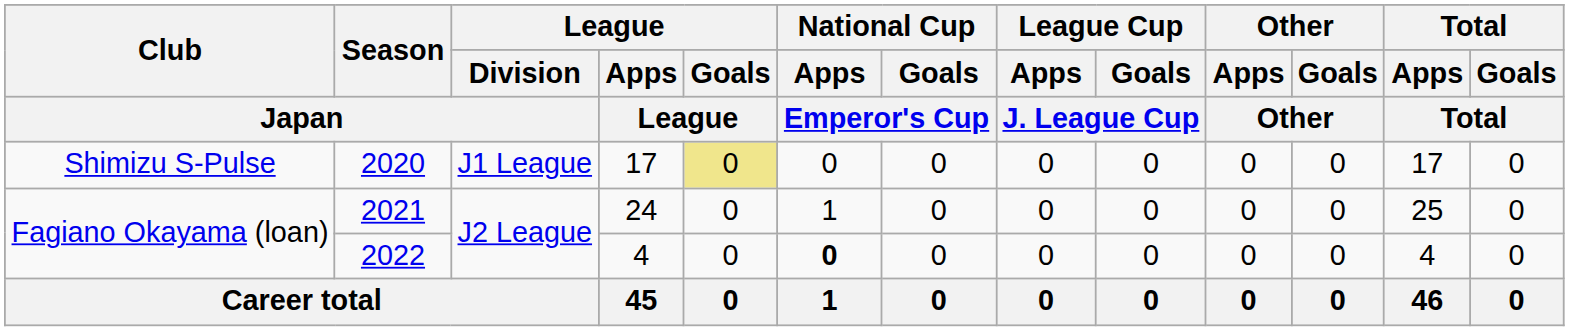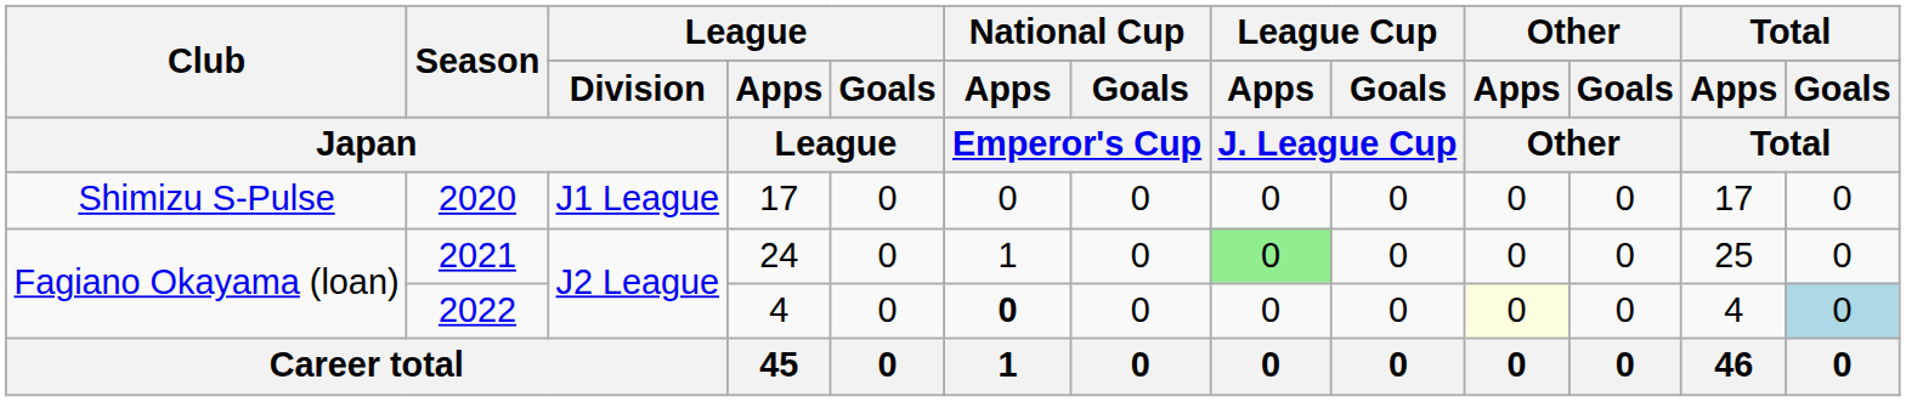 <table class="wikitable" style="text-align: center">
 <tr>
 <th rowspan="2">Club</th>
 <th rowspan="2">Season</th>
 <th colspan="3">League</th>
 <th colspan="2">National Cup</th>
 <th colspan="2">League Cup</th>
 <th colspan="2">Other</th>
 <th colspan="2">Total</th>
 </tr>
 <tr>
 <th>Division</th>
 <th>Apps</th>
 <th>Goals</th>
 <th>Apps</th>
 <th>Goals</th>
 <th>Apps</th>
 <th>Goals</th>
 <th>Apps</th>
 <th>Goals</th>
 <th>Apps</th>
 <th>Goals</th>
 </tr>
 <tr>
 <th colspan=3>Japan</th>
 <th colspan=2>League</th>
 <th colspan=2><a href='#'>Emperor's Cup</a></th>
 <th colspan=2><a href='#'>J. League Cup</a></th>
 <th colspan=2>Other</th>
 <th colspan=2>Total</th>
 </tr>
 <tr>
 <td><a href='#'>Shimizu S-Pulse</a></td>
 <td><a href='#'>2020</a></td>
 <td><a href='#'>J1 League</a></td>
 <td>17</td>
-<td style="background: khaki;">0</td>
+<td>0</td>
 <td>0</td>
 <td>0</td>
 <td>0</td>
 <td>0</td>
 <td>0</td>
 <td>0</td>
 <td>17</td>
 <td>0</td>
 </tr>
 <tr>
 <td rowspan="2"><a href='#'>Fagiano Okayama</a> (loan)</td>
 <td><a href='#'>2021</a></td>
 <td rowspan="2"><a href='#'>J2 League</a></td>
 <td>24</td>
 <td>0</td>
 <td>1</td>
 <td>0</td>
-<td>0</td>
+<td style="background: lightgreen;">0</td>
 <td>0</td>
 <td>0</td>
 <td>0</td>
 <td>25</td>
 <td>0</td>
 </tr>
 <tr>
 <td><a href='#'>2022</a></td>
 <td>4</td>
 <td>0</td>
 <td><strong>0</strong></td>
 <td>0</td>
 <td>0</td>
 <td>0</td>
-<td>0</td>
+<td style="background: lightyellow;">0</td>
 <td>0</td>
 <td>4</td>
-<td>0</td>
+<td style="background: lightblue;">0</td>
 </tr>
 <tr>
 <th colspan=3>Career total</th>
 <th>45</th>
 <th>0</th>
 <th>1</th>
 <th>0</th>
 <th>0</th>
 <th>0</th>
 <th>0</th>
 <th>0</th>
 <th>46</th>
 <th>0</th>
 </tr>
 </table>
